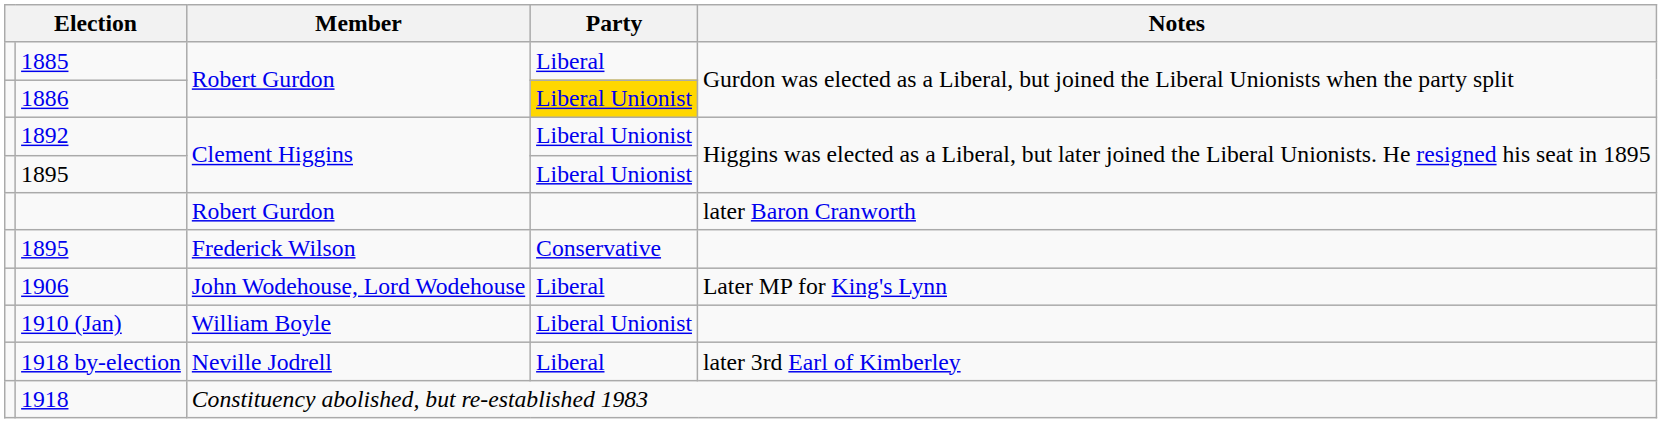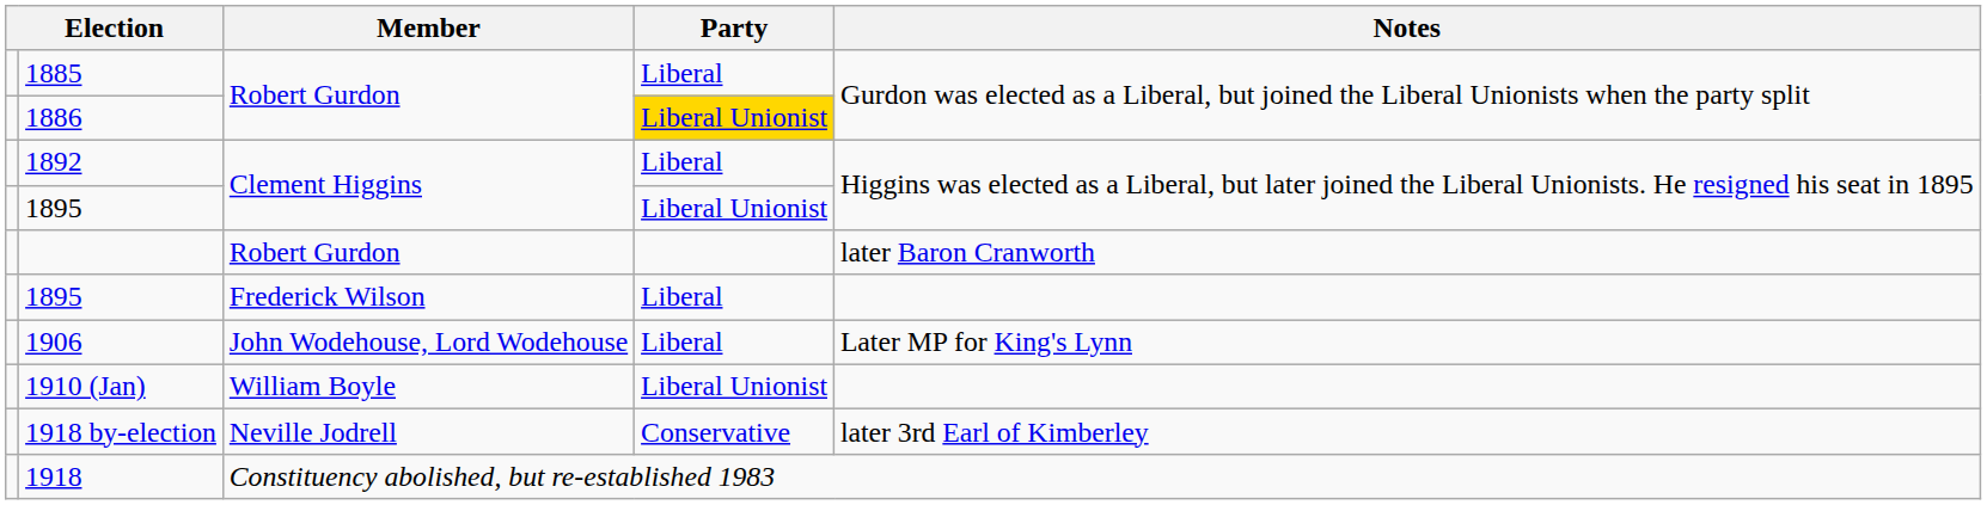 <table class="wikitable">
 <tr>
 <th colspan="2">Election</th>
 <th>Member</th>
 <th>Party</th>
 <th>Notes</th>
 </tr>
 <tr>
 <td style="color:inherit;background-color: "></td>
 <td><a href='#'>1885</a></td>
 <td rowspan="2"><a href='#'>Robert Gurdon</a></td>
 <td><a href='#'>Liberal</a></td>
 <td rowspan="2">Gurdon was elected as a Liberal, but joined the Liberal Unionists when the party split</td>
 </tr>
 <tr>
 <td style="color:inherit;background-color: "></td>
 <td><a href='#'>1886</a></td>
 <td style="background: gold;"><a href='#'>Liberal Unionist</a></td>
 </tr>
 <tr>
 <td style="color:inherit;background-color: "></td>
 <td><a href='#'>1892</a></td>
 <td rowspan="2"><a href='#'>Clement Higgins</a></td>
-<td><a href='#'>Liberal Unionist</a></td>
+<td><a href='#'>Liberal</a></td>
 <td rowspan="2">Higgins was elected as a Liberal, but later joined the Liberal Unionists.  He <a href='#'>resigned</a> his seat in 1895</td>
 </tr>
 <tr>
 <td style="color:inherit;background-color: "></td>
 <td>1895</td>
 <td><a href='#'>Liberal Unionist</a></td>
 </tr>
 <tr>
 <td style="color:inherit;background-color: "></td>
 <td></td>
 <td><a href='#'>Robert Gurdon</a></td>
 <td></td>
 <td>later <a href='#'>Baron Cranworth</a></td>
 </tr>
 <tr>
 <td style="color:inherit;background-color: "></td>
 <td><a href='#'>1895</a></td>
 <td><a href='#'>Frederick Wilson</a></td>
-<td><a href='#'>Conservative</a></td>
+<td><a href='#'>Liberal</a></td>
 <td></td>
 </tr>
 <tr>
 <td style="color:inherit;background-color: "></td>
 <td><a href='#'>1906</a></td>
 <td><a href='#'>John Wodehouse, Lord Wodehouse</a></td>
 <td><a href='#'>Liberal</a></td>
 <td>Later MP for <a href='#'>King's Lynn</a></td>
 </tr>
 <tr>
 <td style="color:inherit;background-color: "></td>
 <td><a href='#'>1910 (Jan)</a></td>
 <td><a href='#'>William Boyle</a></td>
 <td><a href='#'>Liberal Unionist</a></td>
 <td></td>
 </tr>
 <tr>
 <td style="color:inherit;background-color: "></td>
 <td><a href='#'>1918 by-election</a></td>
 <td><a href='#'>Neville Jodrell</a></td>
-<td><a href='#'>Liberal</a></td>
+<td><a href='#'>Conservative</a></td>
 <td>later 3rd <a href='#'>Earl of Kimberley</a></td>
 </tr>
 <tr>
 <td></td>
 <td><a href='#'>1918</a></td>
 <td colspan="3"><em>Constituency abolished, but re-established 1983</em></td>
 </tr>
 </table>
